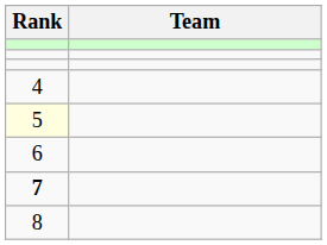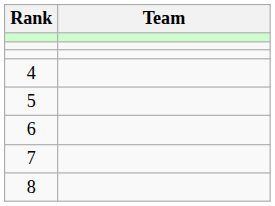 <table class="wikitable" style="text-align:center">
 <tr>
 <th width=40>Rank</th>
 <th width=180>Team</th>
 </tr>
 <tr bgcolor=#ccffcc>
 <td></td>
 <td style="text-align:left"></td>
 </tr>
 <tr>
 <td></td>
 <td style="text-align:left"></td>
 </tr>
 <tr>
 <td></td>
 <td style="text-align:left"></td>
 </tr>
 <tr>
 <td>4</td>
 <td style="text-align:left"></td>
 </tr>
 <tr>
-<td style="background: lightyellow;">5</td>
+<td>5</td>
 <td style="text-align:left"></td>
 </tr>
 <tr>
 <td>6</td>
 <td style="text-align:left"></td>
 </tr>
 <tr>
-<td><strong>7</strong></td>
+<td>7</td>
 <td style="text-align:left"></td>
 </tr>
 <tr>
 <td>8</td>
 <td style="text-align:left"></td>
 </tr>
 </table>
